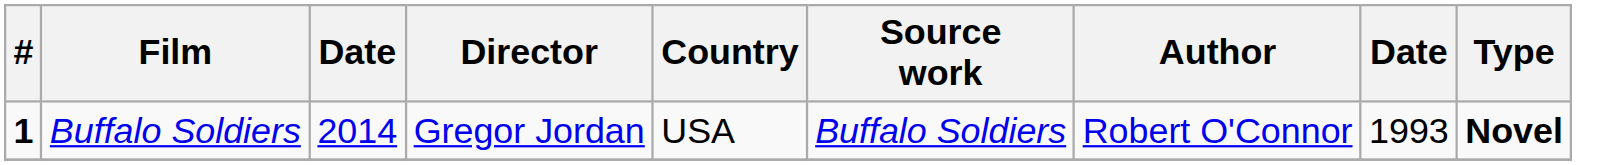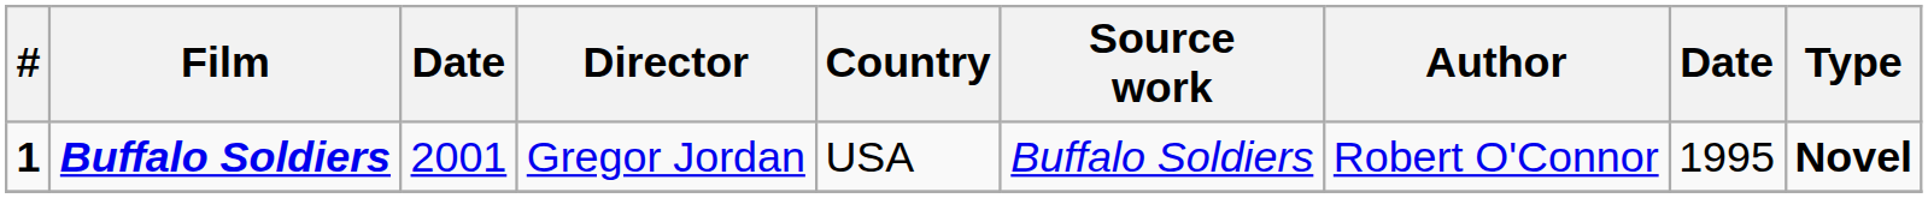 <table class="wikitable">
 <tr>
 <th>#</th>
 <th>Film</th>
 <th>Date</th>
 <th>Director</th>
 <th>Country</th>
 <th>Source<br>work</th>
 <th>Author</th>
 <th>Date</th>
 <th>Type</th>
 </tr>
 <tr>
 <td><strong>1</strong></td>
-<td><em><a href='#'>Buffalo Soldiers</a></em></td>
-<td><a href='#'>2014</a></td>
+<td><strong><em><a href='#'>Buffalo Soldiers</a></em></strong></td>
+<td><a href='#'>2001</a></td>
 <td><a href='#'>Gregor Jordan</a></td>
 <td>USA</td>
 <td><em><a href='#'>Buffalo Soldiers</a></em></td>
 <td><a href='#'>Robert O'Connor</a></td>
-<td>1993</td>
+<td>1995</td>
 <td><strong>Novel</strong></td>
 </tr>
 <tr>
 </tr>
 </table>
